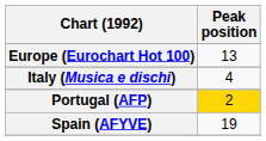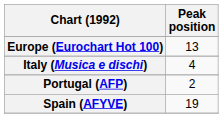 <table class="wikitable sortable plainrowheaders">
 <tr>
 <th>Chart (1992)</th>
 <th>Peak<br>position</th>
 </tr>
 <tr>
 </tr>
 <tr>
 </tr>
 <tr>
 </tr>
 <tr>
 </tr>
 <tr>
 <th scope="row">Europe (<a href='#'>Eurochart Hot 100</a>)</th>
 <td align="center">13</td>
 </tr>
 <tr>
 </tr>
 <tr>
 </tr>
 <tr>
 </tr>
 <tr>
 <th scope="row">Italy (<em><a href='#'>Musica e dischi</a></em>)</th>
 <td align="center">4</td>
 </tr>
 <tr>
 </tr>
 <tr>
 </tr>
 <tr>
 </tr>
 <tr>
 <th scope="row">Portugal (<a href='#'>AFP</a>)</th>
-<td align="center" style="background: gold;">2</td>
+<td align="center">2</td>
 </tr>
 <tr>
 <th scope="row">Spain (<a href='#'>AFYVE</a>)</th>
 <td align="center">19</td>
 </tr>
 <tr>
 </tr>
 <tr>
 </tr>
 <tr>
 </tr>
 <tr>
 </tr>
 <tr>
 </tr>
 <tr>
 </tr>
 <tr>
 </tr>
 <tr>
 </tr>
 </table>
